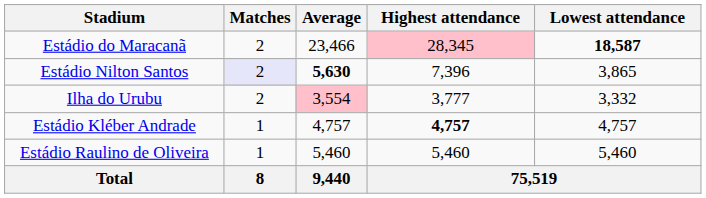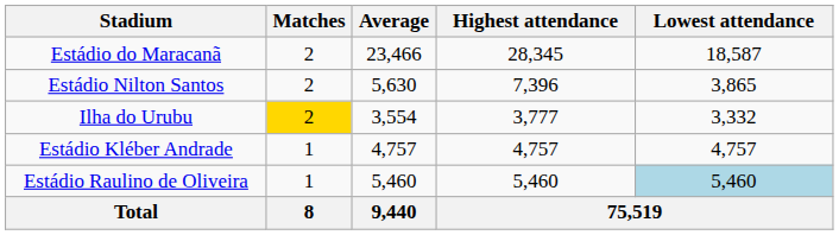 <table class="wikitable plainrowheaders sortable" style="text-align:center">
 <tr>
 <th scope="col" ! style="width:200px;">Stadium</th>
 <th scope="col" ! style="width:60px;">Matches</th>
 <th scope="col" ! style="width:60px;">Average</th>
 <th scope="col" ! style="width:150px;">Highest attendance</th>
 <th scope="col" ! style="width:150px;">Lowest attendance</th>
 </tr>
 <tr>
 <td><a href='#'>Estádio do Maracanã</a></td>
 <td>2</td>
 <td>23,466</td>
-<td style="background: pink;">28,345</td>
-<td><strong>18,587</strong></td>
+<td>28,345</td>
+<td>18,587</td>
 </tr>
 <tr>
 <td><a href='#'>Estádio Nilton Santos</a></td>
-<td style="background: lavender;">2</td>
-<td><strong>5,630</strong></td>
+<td>2</td>
+<td>5,630</td>
 <td>7,396</td>
 <td>3,865</td>
 </tr>
 <tr>
 <td><a href='#'>Ilha do Urubu</a></td>
-<td>2</td>
-<td style="background: pink;">3,554</td>
+<td style="background: gold;">2</td>
+<td>3,554</td>
 <td>3,777</td>
 <td>3,332</td>
 </tr>
 <tr>
 <td><a href='#'>Estádio Kléber Andrade</a></td>
 <td>1</td>
 <td>4,757</td>
-<td><strong>4,757</strong></td>
+<td>4,757</td>
 <td>4,757</td>
 </tr>
 <tr>
 <td><a href='#'>Estádio Raulino de Oliveira</a></td>
 <td>1</td>
 <td>5,460</td>
 <td>5,460</td>
-<td>5,460</td>
+<td style="background: lightblue;">5,460</td>
 </tr>
 <tr>
 <th>Total</th>
 <th>8</th>
 <th>9,440</th>
 <th colspan="3">75,519</th>
 </tr>
 </table>
